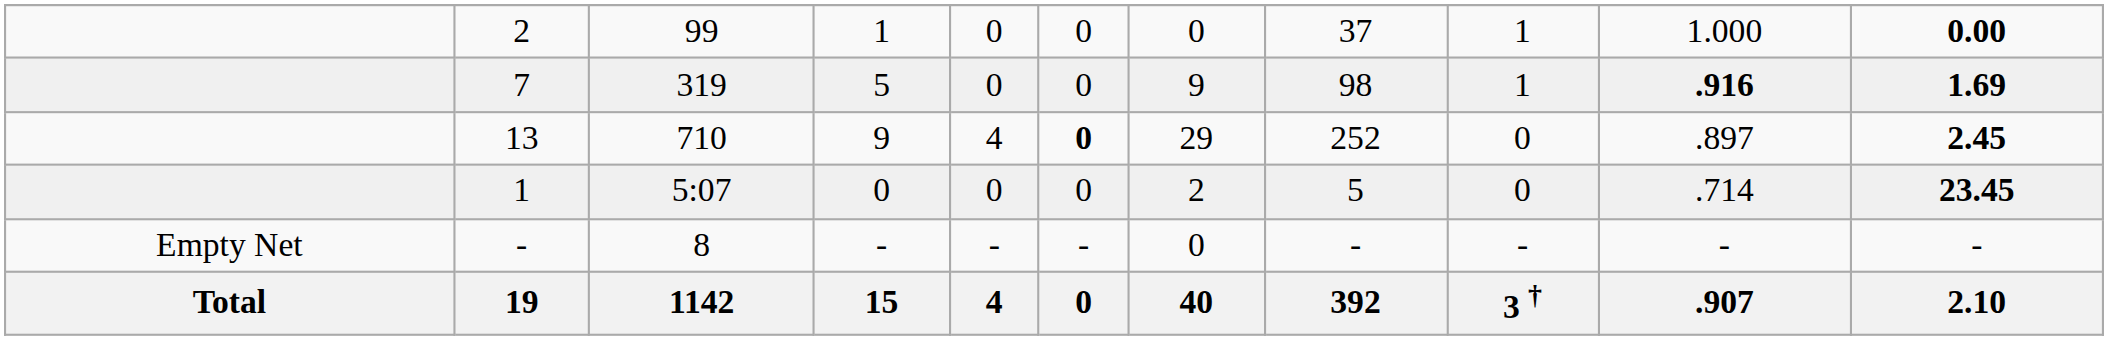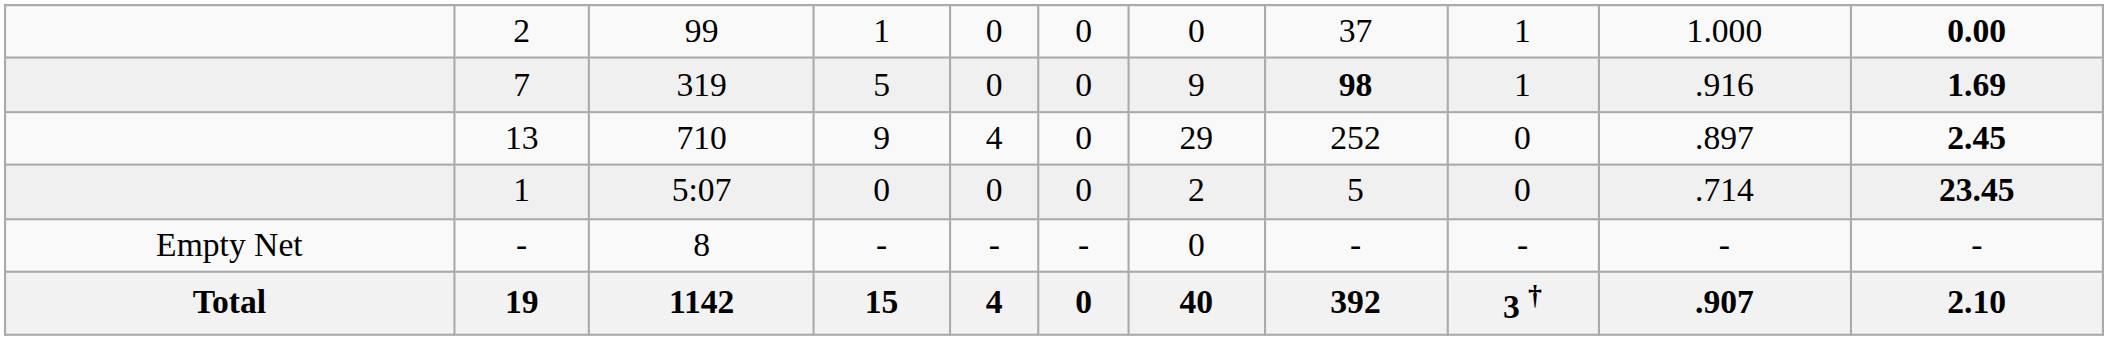 <table class="wikitable sortable" width ="1000">
 <tr align="center">
 </tr>
 <tr align="center" bgcolor="">
 <td></td>
 <td>2</td>
 <td>99</td>
 <td>1</td>
 <td>0</td>
 <td>0</td>
 <td>0</td>
 <td>37</td>
 <td>1</td>
 <td>1.000</td>
 <td><strong>0.00</strong></td>
 </tr>
 <tr align="center" bgcolor="#f0f0f0">
 <td></td>
 <td>7</td>
 <td>319</td>
 <td>5</td>
 <td>0</td>
 <td>0</td>
 <td>9</td>
-<td>98</td>
+<td><strong>98</strong></td>
 <td>1</td>
-<td><strong>.916</strong></td>
+<td>.916</td>
 <td><strong>1.69</strong></td>
 </tr>
 <tr align="center" bgcolor="">
 <td></td>
 <td>13</td>
 <td>710</td>
 <td>9</td>
 <td>4</td>
-<td><strong>0</strong></td>
+<td>0</td>
 <td>29</td>
 <td>252</td>
 <td>0</td>
 <td>.897</td>
 <td><strong>2.45</strong></td>
 </tr>
 <tr align="center" bgcolor="#f0f0f0">
 <td></td>
 <td>1</td>
 <td>5:07</td>
 <td>0</td>
 <td>0</td>
 <td>0</td>
 <td>2</td>
 <td>5</td>
 <td>0</td>
 <td>.714</td>
 <td><strong>23.45</strong></td>
 </tr>
 <tr align="center" bgcolor="">
 <td>Empty Net</td>
 <td>-</td>
 <td>8</td>
 <td>-</td>
 <td>-</td>
 <td>-</td>
 <td>0</td>
 <td>-</td>
 <td>-</td>
 <td>-</td>
 <td>-</td>
 </tr>
 <tr>
 <th>Total</th>
 <th>19</th>
 <th>1142</th>
 <th>15</th>
 <th>4</th>
 <th>0</th>
 <th>40</th>
 <th>392</th>
 <th>3 <sup>†</sup></th>
 <th>.907</th>
 <th>2.10</th>
 </tr>
 </table>
